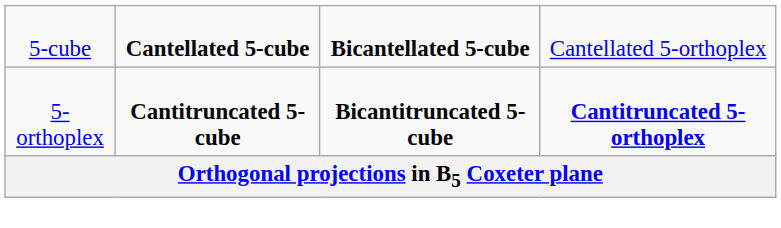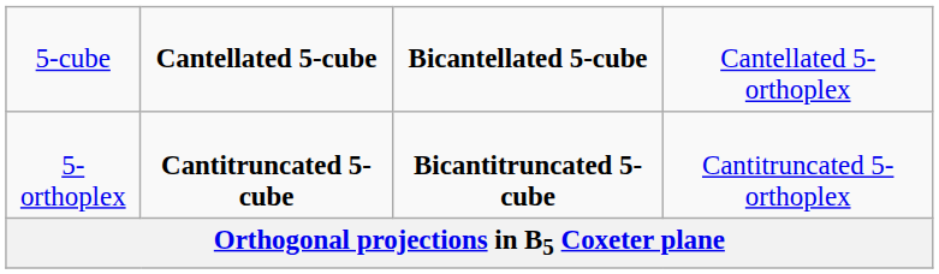 <table class=wikitable align=right width=540 style="margin-left:1em;">
 <tr align=center valign=top>
 <td><br><a href='#'>5-cube</a><br></td>
 <td><br><strong>Cantellated 5-cube</strong><br></td>
 <td><br><strong>Bicantellated 5-cube</strong><br></td>
 <td><br><a href='#'>Cantellated 5-orthoplex</a><br></td>
 </tr>
 <tr align=center valign=top>
 <td><br><a href='#'>5-orthoplex</a><br></td>
 <td><br><strong>Cantitruncated 5-cube</strong><br></td>
 <td><br><strong>Bicantitruncated 5-cube</strong><br></td>
-<td><strong><br><a href='#'>Cantitruncated 5-orthoplex</a><br></strong></td>
+<td><br><a href='#'>Cantitruncated 5-orthoplex</a><br></td>
 </tr>
 <tr>
 <th colspan=4><a href='#'>Orthogonal projections</a> in B<sub>5</sub> <a href='#'>Coxeter plane</a></th>
 </tr>
 </table>
